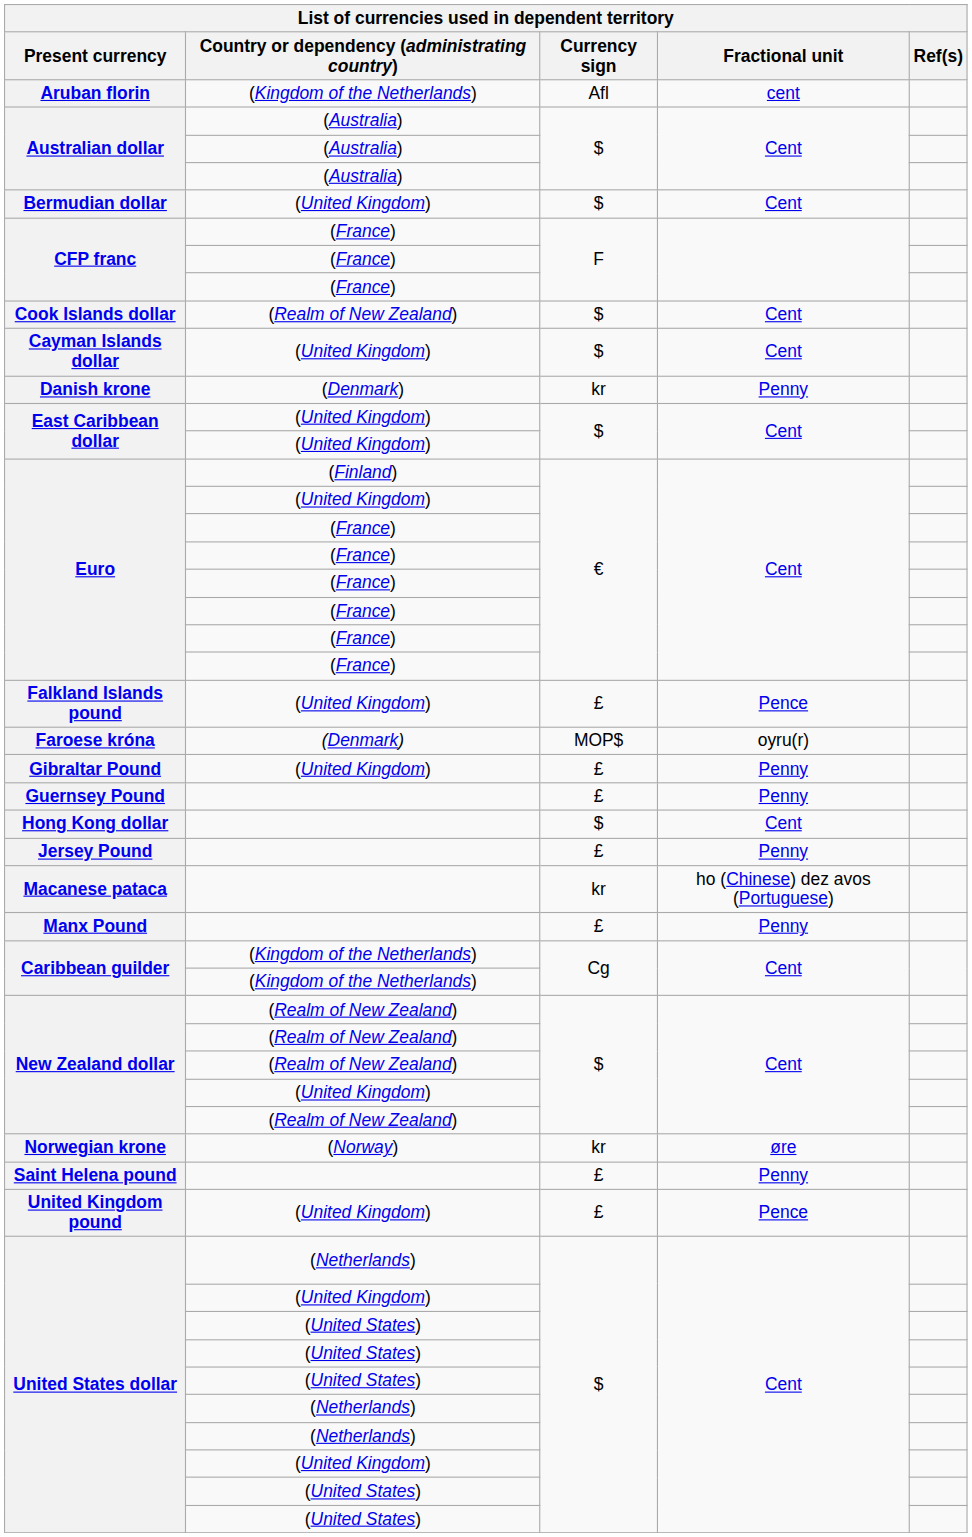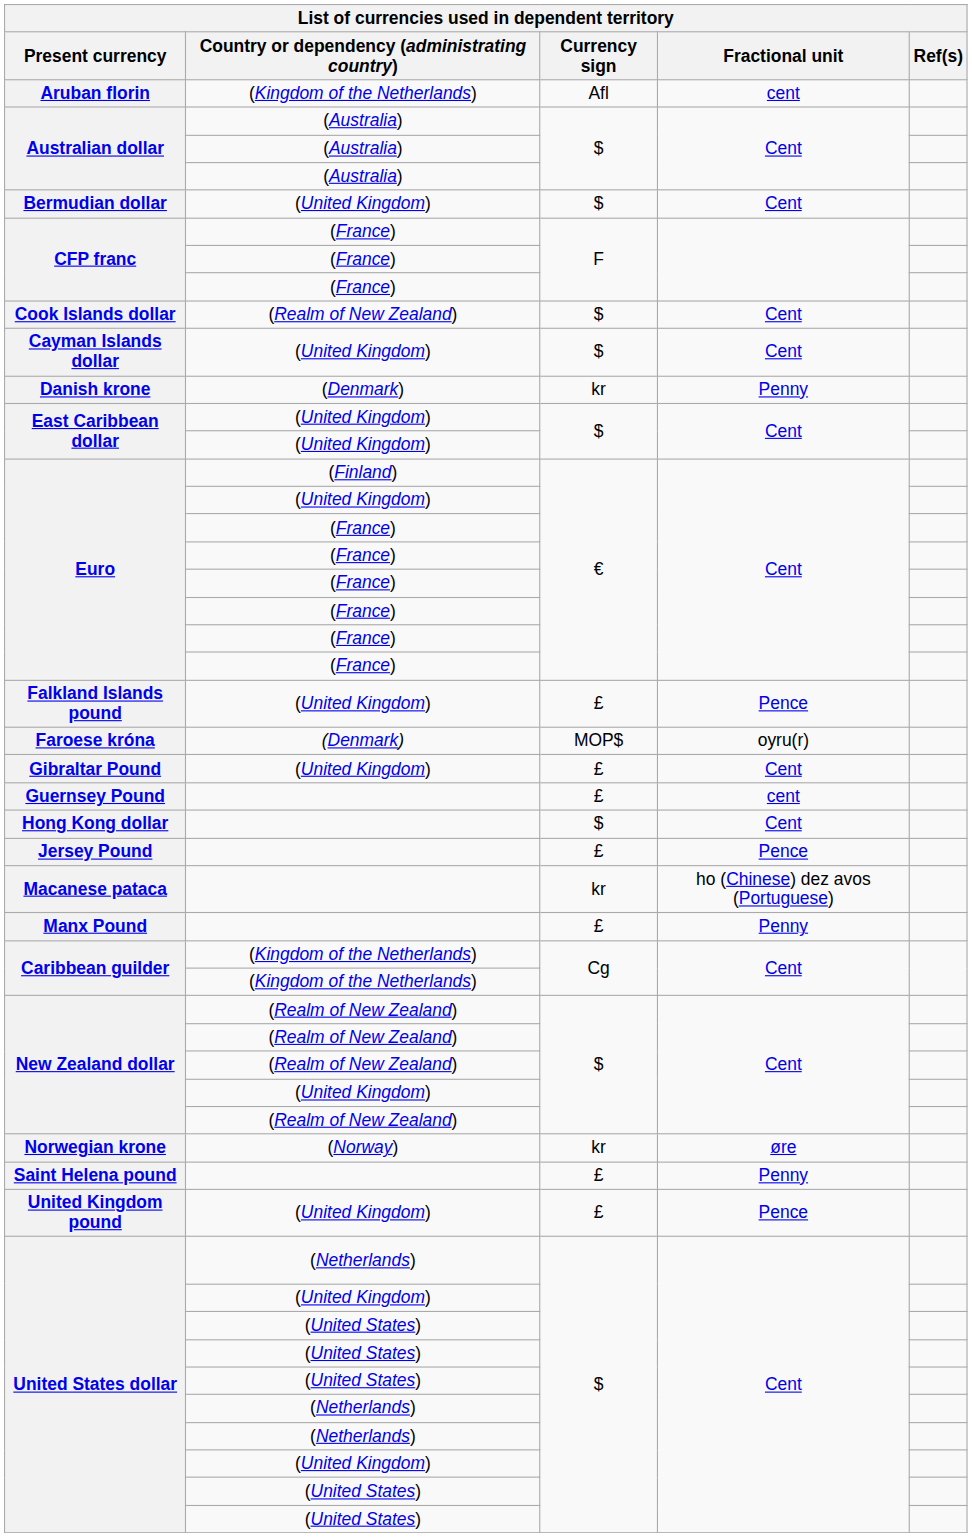 <table class="sortable wikitable plainrowheaders" style="width:100%; text-align: center">
 <tr>
 <th colspan="5">List of currencies used in dependent territory</th>
 </tr>
 <tr>
 <th scope="col">Present currency</th>
 <th scope="col">Country or dependency (<em>administrating country</em>)</th>
 <th scope="col" class="unsortable">Currency sign</th>
 <th scope="col">Fractional unit</th>
 <th scope="col" class="unsortable">Ref(s)</th>
 </tr>
 <tr>
 <th scope="row"><a href='#'>Aruban florin</a></th>
 <td> (<em><a href='#'>Kingdom of the Netherlands</a></em>)</td>
 <td>Afl</td>
 <td><a href='#'>cent</a></td>
 <td style="text-align:center;"></td>
 </tr>
 <tr>
 <th scope="row" rowspan="3"><a href='#'>Australian dollar</a></th>
 <td> (<em><a href='#'>Australia</a></em>)</td>
 <td rowspan="3">$</td>
 <td rowspan="3"><a href='#'>Cent</a></td>
 <td></td>
 </tr>
 <tr>
 <td> (<em><a href='#'>Australia</a></em>)</td>
 <td></td>
 </tr>
 <tr>
 <td> (<em><a href='#'>Australia</a></em>)</td>
 <td></td>
 </tr>
 <tr>
 <th scope="row"><a href='#'>Bermudian dollar</a></th>
 <td> (<em><a href='#'>United Kingdom</a></em>)</td>
 <td>$</td>
 <td><a href='#'>Cent</a></td>
 <td style="text-align:center;"></td>
 </tr>
 <tr>
 <th scope="row" rowspan="3"><a href='#'>CFP franc</a></th>
 <td> (<em><a href='#'>France</a></em>)</td>
 <td rowspan="3">F</td>
 <td rowspan="3"></td>
 <td style="text-align:center;"></td>
 </tr>
 <tr>
 <td> (<em><a href='#'>France</a></em>)</td>
 <td style="text-align:center;"></td>
 </tr>
 <tr>
 <td> (<em><a href='#'>France</a></em>)</td>
 <td style="text-align:center;"></td>
 </tr>
 <tr>
 <th scope="row"><a href='#'>Cook Islands dollar</a></th>
 <td> (<em><a href='#'>Realm of New Zealand</a></em>)</td>
 <td>$</td>
 <td><a href='#'>Cent</a></td>
 <td style="text-align:center;"><br></td>
 </tr>
 <tr>
 <th scope="row"><a href='#'>Cayman Islands dollar</a></th>
 <td> (<em><a href='#'>United Kingdom</a></em>)</td>
 <td>$</td>
 <td><a href='#'>Cent</a></td>
 <td style="text-align:center;"></td>
 </tr>
 <tr>
 <th scope="row"><a href='#'>Danish krone</a></th>
 <td> (<em><a href='#'>Denmark</a></em>)</td>
 <td>kr</td>
 <td><a href='#'>Penny</a></td>
 <td style="text-align:center;"></td>
 </tr>
 <tr>
 <th scope="row" rowspan="2"><a href='#'>East Caribbean dollar</a></th>
 <td> (<em><a href='#'>United Kingdom</a></em>)</td>
 <td rowspan="2">$</td>
 <td rowspan="2"><a href='#'>Cent</a></td>
 <td style="text-align:center;"></td>
 </tr>
 <tr>
 <td> (<em><a href='#'>United Kingdom</a></em>)</td>
 <td style="text-align:center;"></td>
 </tr>
 <tr>
 <th scope="row" rowspan="8"><a href='#'>Euro</a></th>
 <td> (<em><a href='#'>Finland</a></em>)</td>
 <td rowspan="8">€</td>
 <td rowspan="8"><a href='#'>Cent</a></td>
 <td style="text-align:center;"></td>
 </tr>
 <tr>
 <td> (<em><a href='#'>United Kingdom</a></em>)</td>
 <td></td>
 </tr>
 <tr>
 <td> (<em><a href='#'>France</a></em>)</td>
 <td style="text-align:center;"></td>
 </tr>
 <tr>
 <td> (<em><a href='#'>France</a></em>)</td>
 <td style="text-align:center;"></td>
 </tr>
 <tr>
 <td> (<em><a href='#'>France</a></em>)</td>
 <td style="text-align:center;"></td>
 </tr>
 <tr>
 <td> (<em><a href='#'>France</a></em>)</td>
 <td style="text-align:center;"></td>
 </tr>
 <tr>
 <td> (<em><a href='#'>France</a></em>)</td>
 <td style="text-align:center;"></td>
 </tr>
 <tr>
 <td> (<em><a href='#'>France</a></em>)</td>
 <td style="text-align:center;"></td>
 </tr>
 <tr>
 <th scope="row"><a href='#'>Falkland Islands pound</a></th>
 <td> (<em><a href='#'>United Kingdom</a></em>)</td>
 <td>£</td>
 <td><a href='#'>Pence</a></td>
 <td style="text-align:center;"><br></td>
 </tr>
 <tr>
 <th scope="row"><a href='#'>Faroese króna</a></th>
 <td> <em>(<a href='#'>Denmark</a>)</em></td>
 <td>MOP$</td>
 <td>oyru(r)</td>
 <td style="text-align:center;"></td>
 </tr>
 <tr>
 <th scope="row"><a href='#'>Gibraltar Pound</a></th>
 <td> (<em><a href='#'>United Kingdom</a></em>)</td>
 <td>£</td>
-<td><a href='#'>Penny</a></td>
+<td><a href='#'>Cent</a></td>
 <td style="text-align:center;"></td>
 </tr>
 <tr>
 <th scope="row"><a href='#'>Guernsey Pound</a></th>
 <td></td>
 <td>£</td>
-<td><a href='#'>Penny</a></td>
+<td><a href='#'>cent</a></td>
 <td style="text-align:center;"></td>
 </tr>
 <tr>
 <th scope="row"><a href='#'>Hong Kong dollar</a></th>
 <td></td>
 <td>$</td>
 <td><a href='#'>Cent</a></td>
 <td style="text-align:center;"></td>
 </tr>
 <tr>
 <th scope="row"><a href='#'>Jersey Pound</a></th>
 <td></td>
 <td>£</td>
-<td><a href='#'>Penny</a></td>
+<td><a href='#'>Pence</a></td>
 <td style="text-align:center;"></td>
 </tr>
 <tr>
 <th scope="row"><a href='#'>Macanese pataca</a></th>
 <td></td>
 <td>kr</td>
 <td>ho (<a href='#'>Chinese</a>) dez avos (<a href='#'>Portuguese</a>)</td>
 <td style="text-align:center;"></td>
 </tr>
 <tr>
 <th scope="row"><a href='#'>Manx Pound</a></th>
 <td></td>
 <td>£</td>
 <td><a href='#'>Penny</a></td>
 <td style="text-align:center;"></td>
 </tr>
 <tr>
 <th scope="row" rowspan="2"><a href='#'>Caribbean guilder</a></th>
 <td> (<em><a href='#'>Kingdom of the Netherlands</a></em>)</td>
 <td rowspan="2">Cg</td>
 <td rowspan="2"><a href='#'>Cent</a></td>
 <td rowspan="2" style="text-align:center;"></td>
 </tr>
 <tr>
 <td> (<em><a href='#'>Kingdom of the Netherlands</a></em>)</td>
 </tr>
 <tr>
 <th scope="row" rowspan="5"><a href='#'>New Zealand dollar</a></th>
 <td> (<em><a href='#'>Realm of New Zealand</a></em>)</td>
 <td rowspan="5">$</td>
 <td rowspan="5"><a href='#'>Cent</a></td>
 <td style="text-align:center;"></td>
 </tr>
 <tr>
 <td> (<em><a href='#'>Realm of New Zealand</a></em>)</td>
 <td style="text-align:center;"></td>
 </tr>
 <tr>
 <td> (<em><a href='#'>Realm of New Zealand</a></em>)</td>
 <td style="text-align:center;"></td>
 </tr>
 <tr>
 <td> (<em><a href='#'>United Kingdom</a></em>)</td>
 <td style="text-align:center;"></td>
 </tr>
 <tr>
 <td><em></em> (<em><a href='#'>Realm of New Zealand</a></em>)</td>
 <td style="text-align:center;"></td>
 </tr>
 <tr>
 <th scope="row"><a href='#'>Norwegian krone</a></th>
 <td> (<em><a href='#'>Norway</a></em>)</td>
 <td>kr</td>
 <td><a href='#'>øre</a></td>
 <td style="text-align:center;"></td>
 </tr>
 <tr>
 <th scope="row"><a href='#'>Saint Helena pound</a></th>
 <td></td>
 <td>£</td>
 <td><a href='#'>Penny</a></td>
 <td style="text-align:center;"></td>
 </tr>
 <tr>
 <th scope="row"><a href='#'>United Kingdom pound</a></th>
 <td> (<em><a href='#'>United Kingdom</a></em>)</td>
 <td>£</td>
 <td><a href='#'>Pence</a></td>
 <td style="text-align:center;"></td>
 </tr>
 <tr>
 <th scope="row" rowspan="10"><a href='#'>United States dollar</a></th>
 <td> (<em><a href='#'>Netherlands</a></em>)</td>
 <td rowspan="10">$</td>
 <td rowspan="10"><a href='#'>Cent</a></td>
 <td style="text-align:center;"><br><br></td>
 </tr>
 <tr>
 <td> (<em><a href='#'>United Kingdom</a></em>)</td>
 <td style="text-align:center;"></td>
 </tr>
 <tr>
 <td> (<em><a href='#'>United States</a></em>)</td>
 <td style="text-align:center;"></td>
 </tr>
 <tr>
 <td> (<em><a href='#'>United States</a></em>)</td>
 <td style="text-align:center;"></td>
 </tr>
 <tr>
 <td> (<em><a href='#'>United States</a></em>)</td>
 <td style="text-align:center;"></td>
 </tr>
 <tr>
 <td> (<em><a href='#'>Netherlands</a></em>)</td>
 <td style="text-align:center;"></td>
 </tr>
 <tr>
 <td> (<em><a href='#'>Netherlands</a></em>)</td>
 <td style="text-align:center;"></td>
 </tr>
 <tr>
 <td> (<em><a href='#'>United Kingdom</a></em>)</td>
 <td style="text-align:center;"></td>
 </tr>
 <tr>
 <td> (<em><a href='#'>United States</a></em>)</td>
 <td style="text-align:center;"></td>
 </tr>
 <tr>
 <td><em></em> (<em><a href='#'>United States</a></em>)</td>
 <td style="text-align:center;"></td>
 </tr>
 </table>
